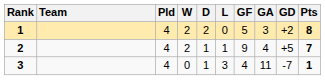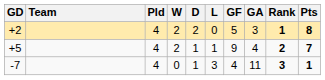 <table class="wikitable" style="text-align: center;">
 <tr>
-<th width=30>Rank</th>
+<th width=20>GD</th>
 <th width=165 style="text-align:left;">Team</th>
 <th width=20>Pld</th>
 <th width=20>W</th>
 <th width=20>D</th>
 <th width=20>L</th>
 <th width=20>GF</th>
 <th width=20>GA</th>
-<th width=20>GD</th>
+<th width=30>Rank</th>
 <th width=20>Pts</th>
 </tr>
 <tr style="background:#ffebad;">
-<td><strong>1</strong></td>
+<td>+2</td>
 <td style="text-align:left;"></td>
 <td>4</td>
 <td>2</td>
 <td>2</td>
 <td>0</td>
 <td>5</td>
 <td>3</td>
-<td>+2</td>
+<td><strong>1</strong></td>
 <td><strong>8</strong></td>
 </tr>
 <tr>
-<td><strong>2</strong></td>
+<td>+5</td>
 <td style="text-align:left;"></td>
 <td>4</td>
 <td>2</td>
 <td>1</td>
 <td>1</td>
 <td>9</td>
 <td>4</td>
-<td>+5</td>
+<td><strong>2</strong></td>
 <td><strong>7</strong></td>
 </tr>
 <tr>
-<td><strong>3</strong></td>
+<td>-7</td>
 <td style="text-align:left;"></td>
 <td>4</td>
 <td>0</td>
 <td>1</td>
 <td>3</td>
 <td>4</td>
 <td>11</td>
-<td>-7</td>
+<td><strong>3</strong></td>
 <td><strong>1</strong></td>
 </tr>
 </table>
